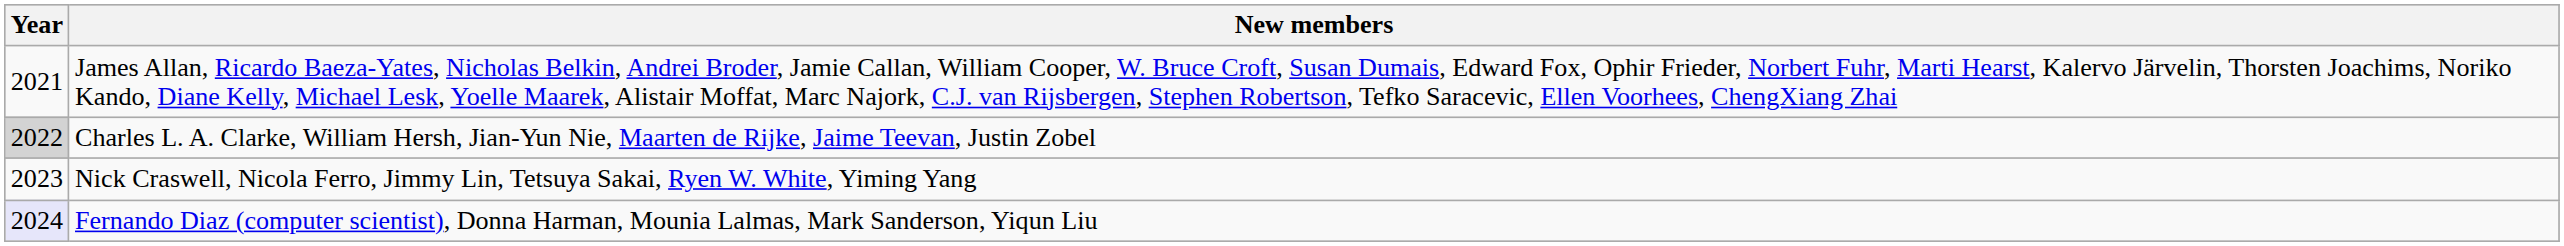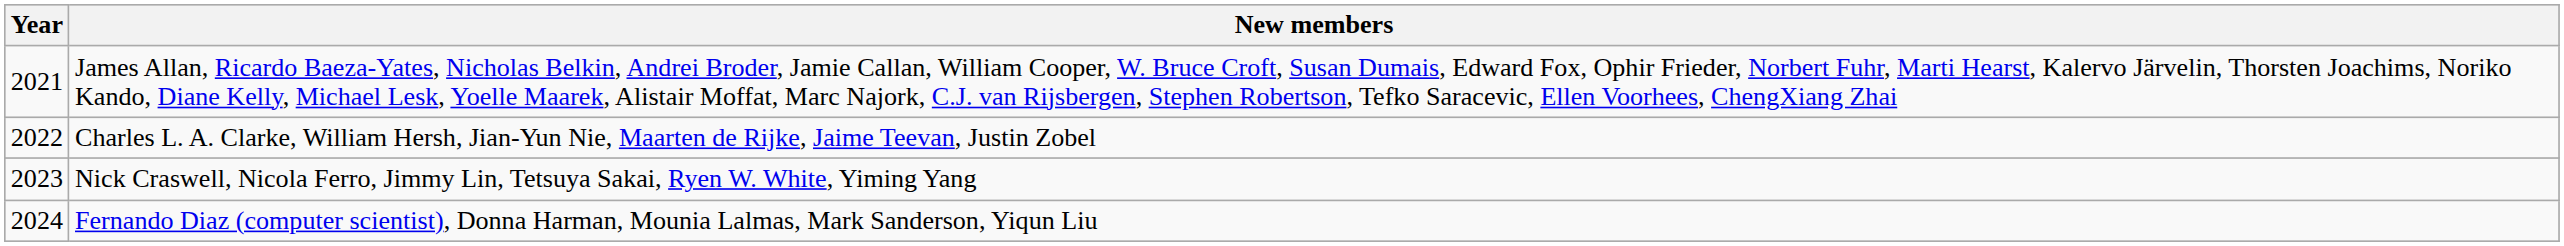 <table class="wikitable">
 <tr>
 <th>Year</th>
 <th>New members</th>
 </tr>
 <tr>
 <td>2021</td>
 <td>James Allan, <a href='#'>Ricardo Baeza-Yates</a>, <a href='#'>Nicholas Belkin</a>, <a href='#'>Andrei Broder</a>, Jamie Callan, William Cooper, <a href='#'>W. Bruce Croft</a>, <a href='#'>Susan Dumais</a>, Edward Fox, Ophir Frieder, <a href='#'>Norbert Fuhr</a>, <a href='#'>Marti Hearst</a>, Kalervo Järvelin, Thorsten Joachims, Noriko Kando, <a href='#'>Diane Kelly</a>, <a href='#'>Michael Lesk</a>, <a href='#'>Yoelle Maarek</a>, Alistair Moffat, Marc Najork, <a href='#'>C.J. van Rijsbergen</a>, <a href='#'>Stephen Robertson</a>, Tefko Saracevic, <a href='#'>Ellen Voorhees</a>, <a href='#'>ChengXiang Zhai</a></td>
 </tr>
 <tr>
-<td style="background: lightgrey;">2022</td>
+<td>2022</td>
 <td>Charles L. A. Clarke, William Hersh, Jian-Yun Nie, <a href='#'>Maarten de Rijke</a>, <a href='#'>Jaime Teevan</a>, Justin Zobel</td>
 </tr>
 <tr>
 <td>2023</td>
 <td>Nick Craswell, Nicola Ferro, Jimmy Lin, Tetsuya Sakai, <a href='#'>Ryen W. White</a>, Yiming Yang</td>
 </tr>
 <tr>
-<td style="background: lavender;">2024</td>
+<td>2024</td>
 <td><a href='#'>Fernando Diaz (computer scientist)</a>, Donna Harman, Mounia Lalmas, Mark Sanderson, Yiqun Liu</td>
 </tr>
 </table>
